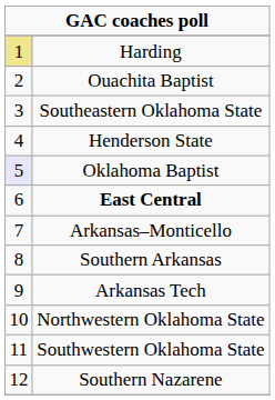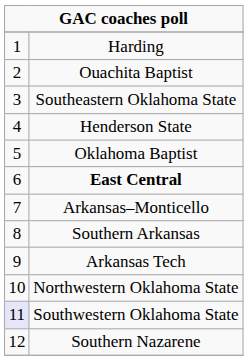 <table class="wikitable" style="display: inline-table;">
 <tr>
 <td align="center" Colspan="2"><strong>GAC coaches poll</strong></td>
 </tr>
 <tr align="center">
 </tr>
 <tr align="center">
-<td style="background: khaki;">1</td>
+<td>1</td>
 <td>Harding</td>
 </tr>
 <tr align="center">
 <td>2</td>
 <td>Ouachita Baptist</td>
 </tr>
 <tr align="center">
 <td>3</td>
 <td>Southeastern Oklahoma State</td>
 </tr>
 <tr align="center">
 <td>4</td>
 <td>Henderson State</td>
 </tr>
 <tr align="center">
-<td style="background: lavender;">5</td>
+<td>5</td>
 <td>Oklahoma Baptist</td>
 </tr>
 <tr align="center">
 <td>6</td>
 <td><strong>East Central</strong></td>
 </tr>
 <tr align="center">
 <td>7</td>
 <td>Arkansas–Monticello</td>
 </tr>
 <tr align="center">
 <td>8</td>
 <td>Southern Arkansas</td>
 </tr>
 <tr align="center">
 <td>9</td>
 <td>Arkansas Tech</td>
 </tr>
 <tr align="center">
 <td>10</td>
 <td>Northwestern Oklahoma State</td>
 </tr>
 <tr align="center">
-<td>11</td>
+<td style="background: lavender;">11</td>
 <td>Southwestern Oklahoma State</td>
 </tr>
 <tr align="center">
 <td>12</td>
 <td>Southern Nazarene</td>
 </tr>
 <tr>
 </tr>
 </table>
